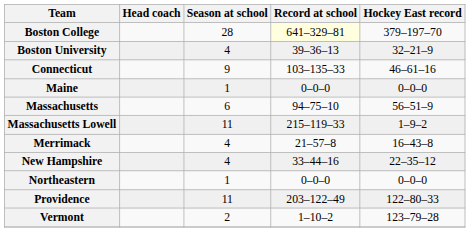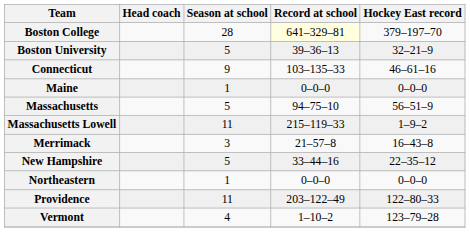 <table class="wikitable sortable" style="text-align: center; "width=50%">
 <tr>
 <th>Team</th>
 <th>Head coach</th>
 <th>Season at school</th>
 <th>Record at school</th>
 <th>Hockey East record</th>
 </tr>
 <tr>
 <th>Boston College</th>
 <td></td>
 <td>28</td>
 <td style="background: lightyellow;">641–329–81</td>
 <td>379–197–70</td>
 </tr>
 <tr bgcolor=f0f0f0>
 <th>Boston University</th>
 <td></td>
-<td>4</td>
+<td>5</td>
 <td>39–36–13</td>
 <td>32–21–9</td>
 </tr>
 <tr>
 <th>Connecticut</th>
 <td></td>
 <td>9</td>
 <td>103–135–33</td>
 <td>46–61–16</td>
 </tr>
 <tr bgcolor=f0f0f0>
 <th>Maine</th>
 <td></td>
 <td>1</td>
 <td>0–0–0</td>
 <td>0–0–0</td>
 </tr>
 <tr>
 <th>Massachusetts</th>
 <td></td>
-<td>6</td>
+<td>5</td>
 <td>94–75–10</td>
 <td>56–51–9</td>
 </tr>
 <tr bgcolor=f0f0f0>
 <th>Massachusetts Lowell</th>
 <td></td>
 <td>11</td>
 <td>215–119–33</td>
 <td>1–9–2</td>
 </tr>
 <tr>
 <th>Merrimack</th>
 <td></td>
-<td>4</td>
+<td>3</td>
 <td>21–57–8</td>
 <td>16–43–8</td>
 </tr>
 <tr bgcolor=f0f0f0>
 <th>New Hampshire</th>
 <td></td>
-<td>4</td>
+<td>5</td>
 <td>33–44–16</td>
 <td>22–35–12</td>
 </tr>
 <tr>
 <th>Northeastern</th>
 <td></td>
 <td>1</td>
 <td>0–0–0</td>
 <td>0–0–0</td>
 </tr>
 <tr bgcolor=f0f0f0>
 <th>Providence</th>
 <td></td>
 <td>11</td>
 <td>203–122–49</td>
 <td>122–80–33</td>
 </tr>
 <tr>
 <th>Vermont</th>
 <td></td>
-<td>2</td>
+<td>4</td>
 <td>1–10–2</td>
 <td>123–79–28</td>
 </tr>
 <tr>
 </tr>
 </table>
